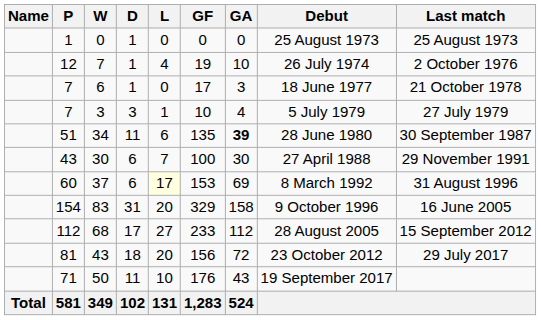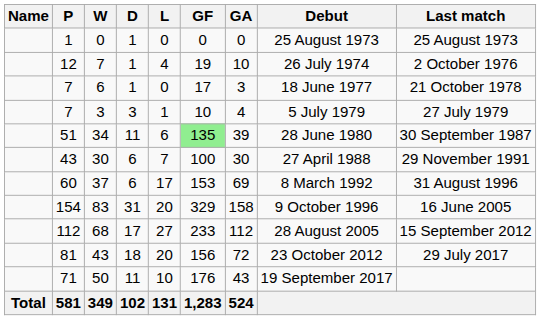 <table class="wikitable sortable" style="text-align:center;">
 <tr>
 <th>Name</th>
 <th>P</th>
 <th>W</th>
 <th>D</th>
 <th>L</th>
 <th>GF</th>
 <th>GA</th>
 <th>Debut</th>
 <th>Last match</th>
 </tr>
 <tr>
 <td style="text-align:left;"> </td>
 <td>1</td>
 <td>0</td>
 <td>1</td>
 <td>0</td>
 <td>0</td>
 <td>0</td>
 <td>25 August 1973</td>
 <td>25 August 1973</td>
 </tr>
 <tr>
 <td style="text-align:left;"> </td>
 <td>12</td>
 <td>7</td>
 <td>1</td>
 <td>4</td>
 <td>19</td>
 <td>10</td>
 <td>26 July 1974</td>
 <td>2 October 1976</td>
 </tr>
 <tr>
 <td style="text-align:left;"> </td>
 <td>7</td>
 <td>6</td>
 <td>1</td>
 <td>0</td>
 <td>17</td>
 <td>3</td>
 <td>18 June 1977</td>
 <td>21 October 1978</td>
 </tr>
 <tr>
 <td style="text-align:left;"> </td>
 <td>7</td>
 <td>3</td>
 <td>3</td>
 <td>1</td>
 <td>10</td>
 <td>4</td>
 <td>5 July 1979</td>
 <td>27 July 1979</td>
 </tr>
 <tr>
 <td style="text-align:left;"> </td>
 <td>51</td>
 <td>34</td>
 <td>11</td>
 <td>6</td>
-<td>135</td>
-<td><strong>39</strong></td>
+<td style="background: lightgreen;">135</td>
+<td>39</td>
 <td>28 June 1980</td>
 <td>30 September 1987</td>
 </tr>
 <tr>
 <td style="text-align:left;"> </td>
 <td>43</td>
 <td>30</td>
 <td>6</td>
 <td>7</td>
 <td>100</td>
 <td>30</td>
 <td>27 April 1988</td>
 <td>29 November 1991</td>
 </tr>
 <tr>
 <td style="text-align:left;"> </td>
 <td>60</td>
 <td>37</td>
 <td>6</td>
-<td style="background: lightyellow;">17</td>
+<td>17</td>
 <td>153</td>
 <td>69</td>
 <td>8 March 1992</td>
 <td>31 August 1996</td>
 </tr>
 <tr>
 <td style="text-align:left;"> </td>
 <td>154</td>
 <td>83</td>
 <td>31</td>
 <td>20</td>
 <td>329</td>
 <td>158</td>
 <td>9 October 1996</td>
 <td>16 June 2005</td>
 </tr>
 <tr>
 <td style="text-align:left;"> </td>
 <td>112</td>
 <td>68</td>
 <td>17</td>
 <td>27</td>
 <td>233</td>
 <td>112</td>
 <td>28 August 2005</td>
 <td>15 September 2012</td>
 </tr>
 <tr>
 <td style="text-align:left;"> </td>
 <td>81</td>
 <td>43</td>
 <td>18</td>
 <td>20</td>
 <td>156</td>
 <td>72</td>
 <td>23 October 2012</td>
 <td>29 July 2017</td>
 </tr>
 <tr>
 <td style="text-align:left;"> <strong></strong></td>
 <td>71</td>
 <td>50</td>
 <td>11</td>
 <td>10</td>
 <td>176</td>
 <td>43</td>
 <td>19 September 2017</td>
 <td></td>
 </tr>
 <tr>
 <th><strong>Total</strong></th>
 <th><strong>581</strong></th>
 <th><strong>349</strong></th>
 <th><strong>102</strong></th>
 <th><strong>131</strong></th>
 <th><strong>1,283</strong></th>
 <th><strong>524</strong></th>
 <th colspan=2></th>
 </tr>
 </table>
